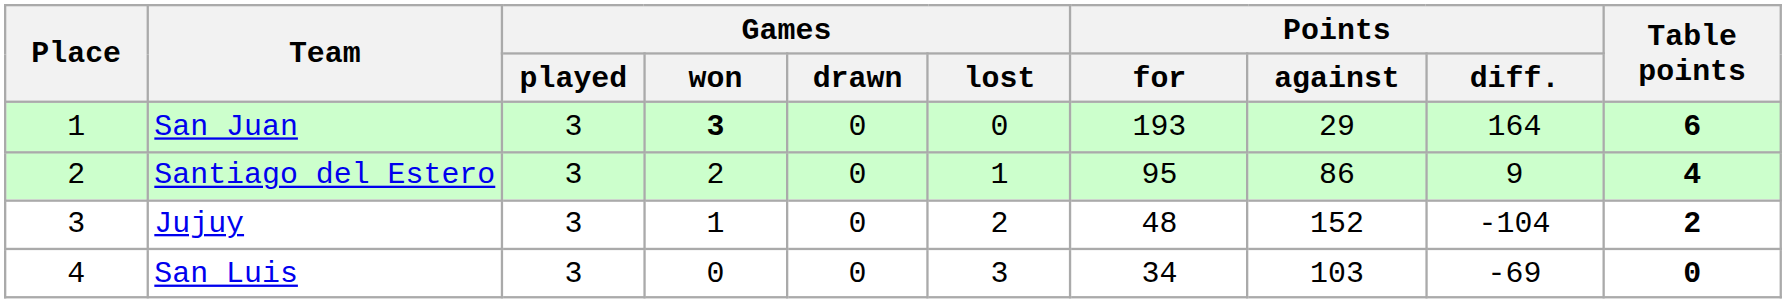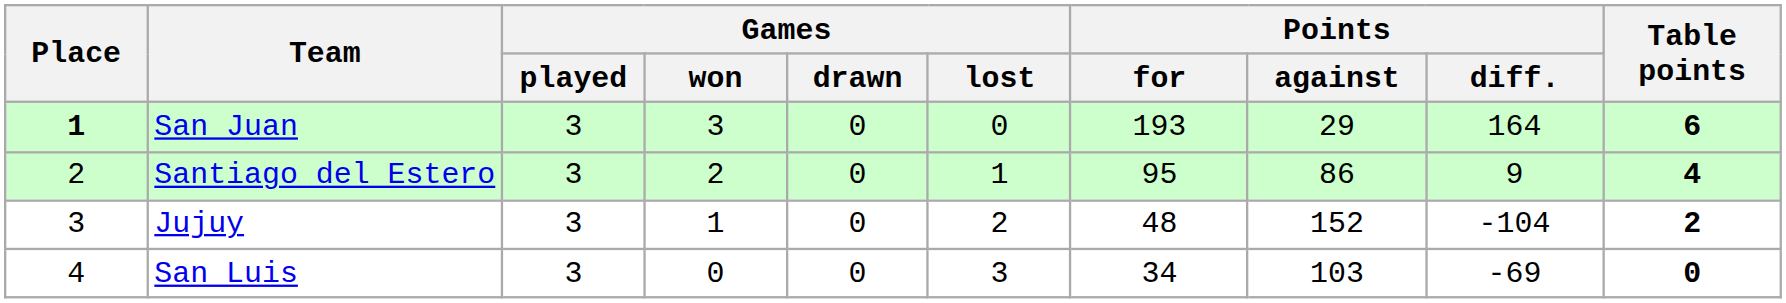 <table class="wikitable">
 <tr>
 <th rowspan=2 width="8%">Place</th>
 <th rowspan=2 width="20%">Team</th>
 <th colspan=4 width="32%">Games</th>
 <th colspan=3 width="30%">Points</th>
 <th rowspan=2 width="10%">Table<br>points</th>
 </tr>
 <tr>
 <th width="8%">played</th>
 <th width="8%">won</th>
 <th width="8%">drawn</th>
 <th width="8%">lost</th>
 <th width="10%">for</th>
 <th width="10%">against</th>
 <th width="10%">diff.</th>
 </tr>
 <tr align=center style="background: #ccffcc;">
-<td>1</td>
+<td><strong>1</strong></td>
 <td align=left><a href='#'>San Juan</a></td>
 <td>3</td>
-<td><strong>3</strong></td>
+<td>3</td>
 <td>0</td>
 <td>0</td>
 <td>193</td>
 <td>29</td>
 <td>164</td>
 <td><strong>6</strong></td>
 </tr>
 <tr align=center style="background: #ccffcc;">
 <td>2</td>
 <td align=left><a href='#'>Santiago del Estero</a></td>
 <td>3</td>
 <td>2</td>
 <td>0</td>
 <td>1</td>
 <td>95</td>
 <td>86</td>
 <td>9</td>
 <td><strong>4</strong></td>
 </tr>
 <tr align=center style="background: #ffffff;">
 <td>3</td>
 <td align=left><a href='#'>Jujuy</a></td>
 <td>3</td>
 <td>1</td>
 <td>0</td>
 <td>2</td>
 <td>48</td>
 <td>152</td>
 <td>-104</td>
 <td><strong>2</strong></td>
 </tr>
 <tr align=center style="background: #ffffff;">
 <td>4</td>
 <td align=left><a href='#'>San Luis</a></td>
 <td>3</td>
 <td>0</td>
 <td>0</td>
 <td>3</td>
 <td>34</td>
 <td>103</td>
 <td>-69</td>
 <td><strong>0</strong></td>
 </tr>
 </table>
